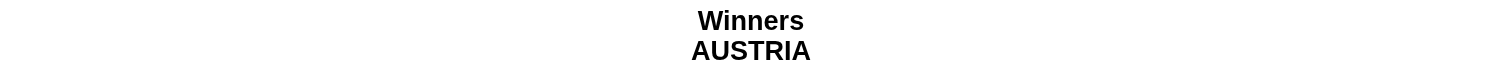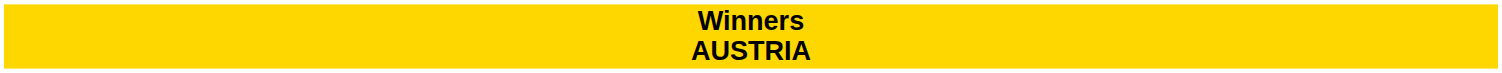 <table cellspacing=0 width=100%>
 <tr>
 <td align=center></td>
 </tr>
 <tr>
-<td align=center><strong>Winners<br>AUSTRIA</strong></td>
+<td align=center style="background: gold;"><strong>Winners<br>AUSTRIA</strong></td>
 </tr>
 </table>
